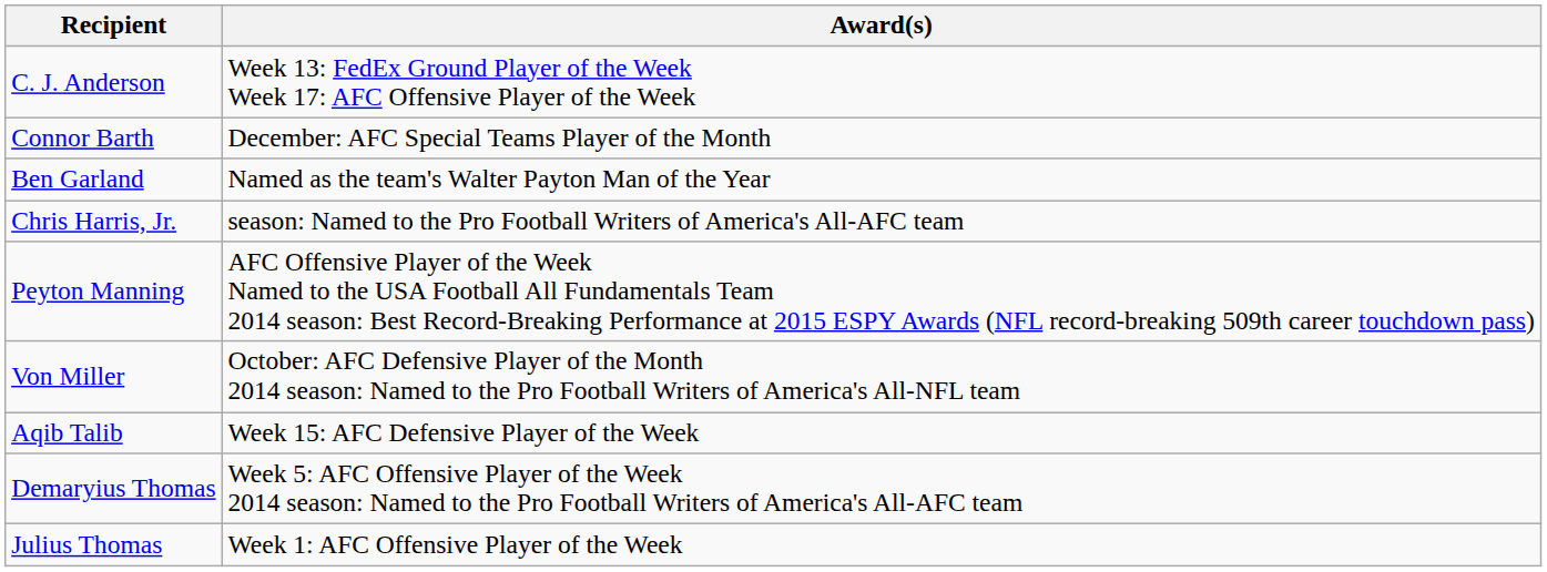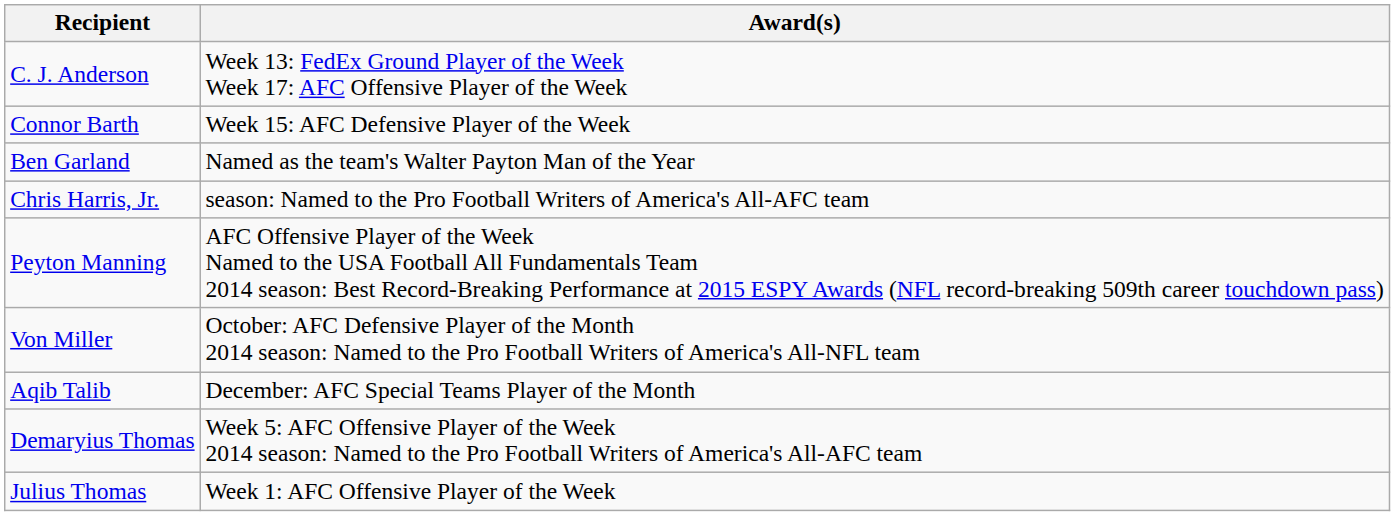 <table class="wikitable">
 <tr>
 <th>Recipient</th>
 <th>Award(s)</th>
 </tr>
 <tr>
 <td><a href='#'>C. J. Anderson</a></td>
 <td>Week 13: <a href='#'>FedEx Ground Player of the Week</a><br>Week 17: <a href='#'>AFC</a> Offensive Player of the Week</td>
 </tr>
 <tr>
 <td><a href='#'>Connor Barth</a></td>
-<td>December: AFC Special Teams Player of the Month</td>
+<td>Week 15: AFC Defensive Player of the Week</td>
 </tr>
 <tr>
 <td><a href='#'>Ben Garland</a></td>
 <td>Named as the team's Walter Payton Man of the Year</td>
 </tr>
 <tr>
 <td><a href='#'>Chris Harris, Jr.</a></td>
 <td> season: Named to the Pro Football Writers of America's All-AFC team</td>
 </tr>
 <tr>
 <td><a href='#'>Peyton Manning</a></td>
 <td Week 5: >AFC Offensive Player of the Week<br>Named to the USA Football All Fundamentals Team<br>2014 season: Best Record-Breaking Performance at <a href='#'>2015 ESPY Awards</a> (<a href='#'>NFL</a> record-breaking 509th career <a href='#'>touchdown pass</a>)</td>
 </tr>
 <tr>
 <td><a href='#'>Von Miller</a></td>
 <td>October: AFC Defensive Player of the Month<br>2014 season: Named to the Pro Football Writers of America's All-NFL team</td>
 </tr>
 <tr>
 <td><a href='#'>Aqib Talib</a></td>
-<td>Week 15: AFC Defensive Player of the Week</td>
+<td>December: AFC Special Teams Player of the Month</td>
 </tr>
 <tr>
 <td><a href='#'>Demaryius Thomas</a></td>
 <td>Week 5: AFC Offensive Player of the Week<br>2014 season: Named to the Pro Football Writers of America's All-AFC team</td>
 </tr>
 <tr>
 <td><a href='#'>Julius Thomas</a></td>
 <td>Week 1: AFC Offensive Player of the Week</td>
 </tr>
 </table>
